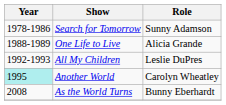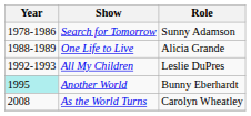 <table class="wikitable sortable">
 <tr>
 <th>Year</th>
 <th>Show</th>
 <th>Role</th>
 </tr>
 <tr>
 <td>1978-1986</td>
 <td><em><a href='#'>Search for Tomorrow</a></em></td>
 <td>Sunny Adamson</td>
 </tr>
 <tr>
 <td>1988-1989</td>
 <td><em><a href='#'>One Life to Live</a></em></td>
 <td>Alicia Grande</td>
 </tr>
 <tr>
 <td>1992-1993</td>
 <td><em><a href='#'>All My Children</a></em></td>
 <td>Leslie DuPres</td>
 </tr>
 <tr>
 <td style="background: paleturquoise;">1995</td>
 <td><em><a href='#'>Another World</a></em></td>
-<td>Carolyn Wheatley</td>
+<td>Bunny Eberhardt</td>
 </tr>
 <tr>
 <td>2008</td>
 <td><em><a href='#'>As the World Turns</a></em></td>
-<td>Bunny Eberhardt</td>
+<td>Carolyn Wheatley</td>
 </tr>
 <tr>
 </tr>
 </table>
